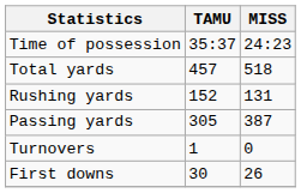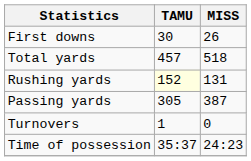 <table class="wikitable" style="float: left;">
 <tr>
 <th>Statistics</th>
 <th>TAMU</th>
 <th>MISS</th>
 </tr>
 <tr>
-<td>Time of possession</td>
-<td>35:37</td>
-<td>24:23</td>
+<td>First downs</td>
+<td>30</td>
+<td>26</td>
 </tr>
 <tr>
 <td>Total yards</td>
 <td>457</td>
 <td>518</td>
 </tr>
 <tr>
 <td>Rushing yards</td>
-<td>152</td>
+<td style="background: lightyellow;">152</td>
 <td>131</td>
 </tr>
 <tr>
 <td>Passing yards</td>
 <td>305</td>
 <td>387</td>
 </tr>
 <tr>
 <td>Turnovers</td>
 <td>1</td>
 <td>0</td>
 </tr>
 <tr>
-<td>First downs</td>
-<td>30</td>
-<td>26</td>
+<td>Time of possession</td>
+<td>35:37</td>
+<td>24:23</td>
 </tr>
 <tr>
 </tr>
 </table>
